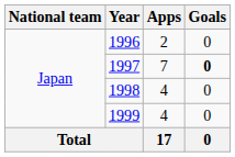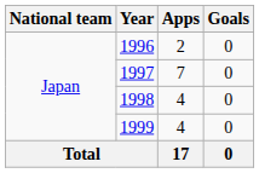 <table class="wikitable" style="text-align:center">
 <tr>
 <th>National team</th>
 <th>Year</th>
 <th>Apps</th>
 <th>Goals</th>
 </tr>
 <tr>
 <td rowspan="4"><a href='#'>Japan</a></td>
 <td><a href='#'>1996</a></td>
 <td>2</td>
 <td>0</td>
 </tr>
 <tr>
 <td><a href='#'>1997</a></td>
 <td>7</td>
-<td><strong>0</strong></td>
+<td>0</td>
 </tr>
 <tr>
 <td><a href='#'>1998</a></td>
 <td>4</td>
 <td>0</td>
 </tr>
 <tr>
 <td><a href='#'>1999</a></td>
 <td>4</td>
 <td>0</td>
 </tr>
 <tr>
 <th colspan="2">Total</th>
 <th>17</th>
 <th>0</th>
 </tr>
 </table>
